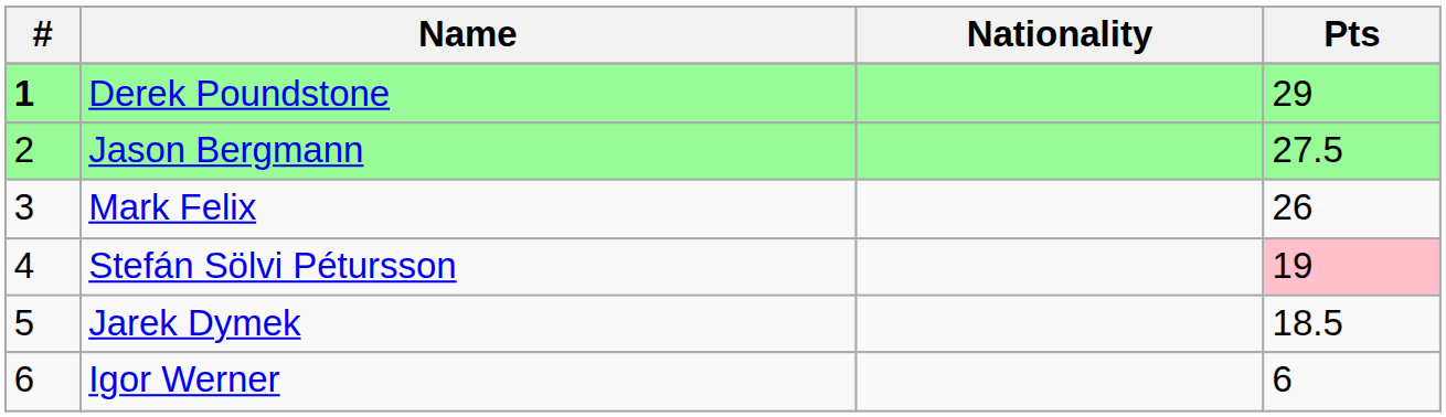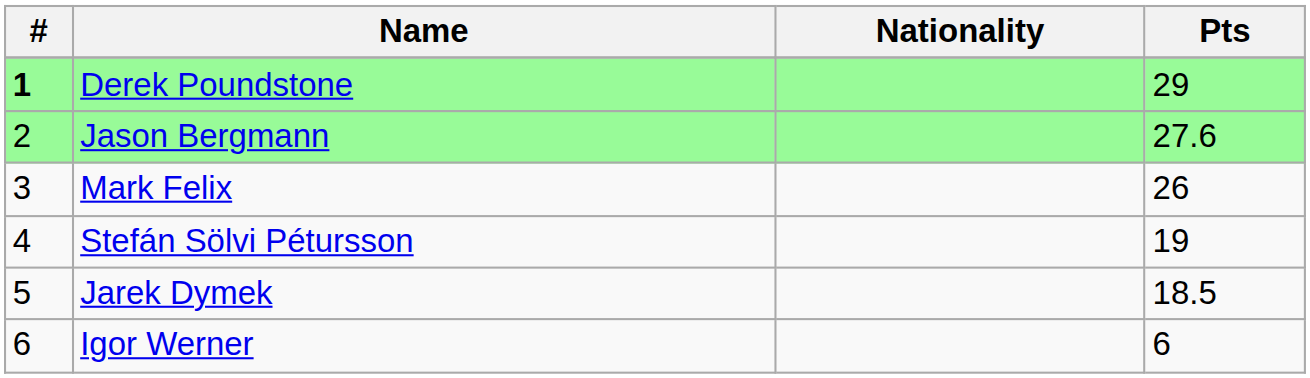 <table class="wikitable" style="display: inline-table; width: 50%;">
 <tr>
 <th>#</th>
 <th>Name</th>
 <th>Nationality</th>
 <th>Pts</th>
 </tr>
 <tr>
 </tr>
 <tr style="background:palegreen;">
 <td><strong>1</strong></td>
 <td><a href='#'>Derek Poundstone</a></td>
 <td></td>
 <td>29</td>
 </tr>
 <tr>
 </tr>
 <tr style="background:palegreen;">
 <td>2</td>
 <td><a href='#'>Jason Bergmann</a></td>
 <td></td>
-<td>27.5</td>
+<td>27.6</td>
 </tr>
 <tr>
 <td>3</td>
 <td><a href='#'>Mark Felix</a></td>
 <td></td>
 <td>26</td>
 </tr>
 <tr>
 <td>4</td>
 <td><a href='#'>Stefán Sölvi Pétursson</a></td>
 <td></td>
-<td style="background: pink;">19</td>
+<td>19</td>
 </tr>
 <tr>
 <td>5</td>
 <td><a href='#'>Jarek Dymek</a></td>
 <td></td>
 <td>18.5</td>
 </tr>
 <tr>
 <td>6</td>
 <td><a href='#'>Igor Werner</a></td>
 <td></td>
 <td>6</td>
 </tr>
 </table>
